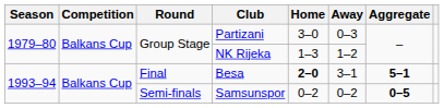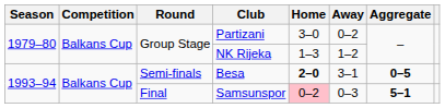 <table class="wikitable">
 <tr>
 <th>Season</th>
 <th>Competition</th>
 <th>Round</th>
 <th>Club</th>
 <th>Home</th>
 <th>Away</th>
 <th>Aggregate</th>
 <th></th>
 </tr>
 <tr>
 <td rowspan="2"><a href='#'>1979–80</a></td>
 <td rowspan="2"><a href='#'>Balkans Cup</a></td>
 <td rowspan="2">Group Stage</td>
 <td> <a href='#'>Partizani</a></td>
 <td align="center">3–0</td>
-<td align="center">0–3</td>
+<td align="center">0–2</td>
 <td rowspan="2" align="center">–</td>
 <td rowspan="2"></td>
 </tr>
 <tr>
 <td> <a href='#'>NK Rijeka</a></td>
 <td align="center">1–3</td>
 <td align="center">1–2</td>
 </tr>
 <tr>
 <td rowspan="2"><a href='#'>1993–94</a></td>
 <td rowspan="2"><a href='#'>Balkans Cup</a></td>
-<td><a href='#'>Final</a></td>
+<td><a href='#'>Semi-finals</a></td>
 <td> <a href='#'>Besa</a></td>
 <td align="center"><strong>2–0</strong></td>
 <td align="center">3–1</td>
+<td align="center"><strong>0–5</strong></td>
+<td></td>
+</tr>
+<tr>
+<td><a href='#'>Final</a></td>
+<td> <a href='#'>Samsunspor</a></td>
+<td align="center" style="background: pink;">0–2</td>
+<td align="center">0–3</td>
 <td align="center"><strong>5–1</strong></td>
 <td></td>
 </tr>
-<tr>
-<td><a href='#'>Semi-finals</a></td>
-<td> <a href='#'>Samsunspor</a></td>
-<td align="center">0–2</td>
-<td align="center">0–2</td>
-<td align="center"><strong>0–5</strong></td>
-<td></td>
-</tr>
 </table>
